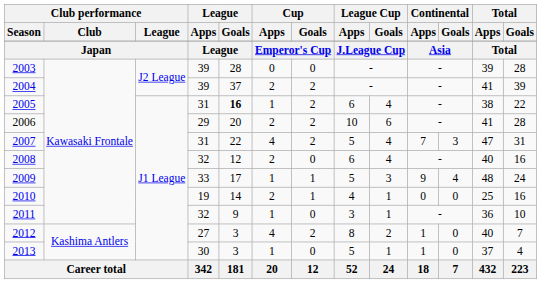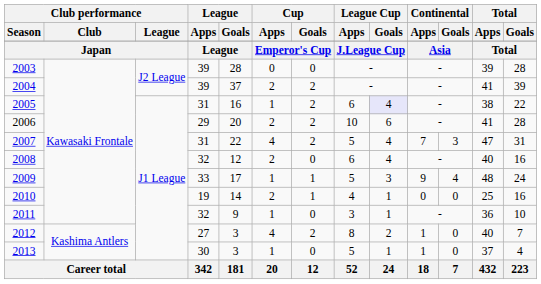 <table class="wikitable" style="text-align:center">
 <tr>
 <th colspan=3>Club performance</th>
 <th colspan=2>League</th>
 <th colspan=2>Cup</th>
 <th colspan=2>League Cup</th>
 <th colspan=2>Continental</th>
 <th colspan=2>Total</th>
 </tr>
 <tr>
 <th>Season</th>
 <th>Club</th>
 <th>League</th>
 <th>Apps</th>
 <th>Goals</th>
 <th>Apps</th>
 <th>Goals</th>
 <th>Apps</th>
 <th>Goals</th>
 <th>Apps</th>
 <th>Goals</th>
 <th>Apps</th>
 <th>Goals</th>
 </tr>
 <tr>
 </tr>
 <tr>
 <th colspan=3>Japan</th>
 <th colspan=2>League</th>
 <th colspan=2><a href='#'>Emperor's Cup</a></th>
 <th colspan=2><a href='#'>J.League Cup</a></th>
 <th colspan=2><a href='#'>Asia</a></th>
 <th colspan=2>Total</th>
 </tr>
 <tr>
 <td><a href='#'>2003</a></td>
 <td rowspan="9"><a href='#'>Kawasaki Frontale</a></td>
 <td rowspan="2"><a href='#'>J2 League</a></td>
 <td>39</td>
 <td>28</td>
 <td>0</td>
 <td>0</td>
 <td colspan="2">-</td>
 <td colspan="2">-</td>
 <td>39</td>
 <td>28</td>
 </tr>
 <tr>
 <td><a href='#'>2004</a></td>
 <td>39</td>
 <td>37</td>
 <td>2</td>
 <td>2</td>
 <td colspan="2">-</td>
 <td colspan="2">-</td>
 <td>41</td>
 <td>39</td>
 </tr>
 <tr>
 <td><a href='#'>2005</a></td>
 <td rowspan="9"><a href='#'>J1 League</a></td>
 <td>31</td>
-<td><strong>16</strong></td>
+<td>16</td>
 <td>1</td>
 <td>2</td>
 <td>6</td>
-<td>4</td>
+<td style="background: lavender;">4</td>
 <td colspan="2">-</td>
 <td>38</td>
 <td>22</td>
 </tr>
 <tr>
 <td>2006</td>
 <td>29</td>
 <td>20</td>
 <td>2</td>
 <td>2</td>
 <td>10</td>
 <td>6</td>
 <td colspan="2">-</td>
 <td>41</td>
 <td>28</td>
 </tr>
 <tr>
 <td><a href='#'>2007</a></td>
 <td>31</td>
 <td>22</td>
 <td>4</td>
 <td>2</td>
 <td>5</td>
 <td>4</td>
 <td>7</td>
 <td>3</td>
 <td>47</td>
 <td>31</td>
 </tr>
 <tr>
 <td><a href='#'>2008</a></td>
 <td>32</td>
 <td>12</td>
 <td>2</td>
 <td>0</td>
 <td>6</td>
 <td>4</td>
 <td colspan="2">-</td>
 <td>40</td>
 <td>16</td>
 </tr>
 <tr>
 <td><a href='#'>2009</a></td>
 <td>33</td>
 <td>17</td>
 <td>1</td>
 <td>1</td>
 <td>5</td>
 <td>3</td>
 <td>9</td>
 <td>4</td>
 <td>48</td>
 <td>24</td>
 </tr>
 <tr>
 <td><a href='#'>2010</a></td>
 <td>19</td>
 <td>14</td>
 <td>2</td>
 <td>1</td>
 <td>4</td>
 <td>1</td>
 <td>0</td>
 <td>0</td>
 <td>25</td>
 <td>16</td>
 </tr>
 <tr>
 <td><a href='#'>2011</a></td>
 <td>32</td>
 <td>9</td>
 <td>1</td>
 <td>0</td>
 <td>3</td>
 <td>1</td>
 <td colspan="2">-</td>
 <td>36</td>
 <td>10</td>
 </tr>
 <tr>
 <td><a href='#'>2012</a></td>
 <td rowspan="2"><a href='#'>Kashima Antlers</a></td>
 <td>27</td>
 <td>3</td>
 <td>4</td>
 <td>2</td>
 <td>8</td>
 <td>2</td>
 <td>1</td>
 <td>0</td>
 <td>40</td>
 <td>7</td>
 </tr>
 <tr>
 <td><a href='#'>2013</a></td>
 <td>30</td>
 <td>3</td>
 <td>1</td>
 <td>0</td>
 <td>5</td>
 <td>1</td>
 <td>1</td>
 <td>0</td>
 <td>37</td>
 <td>4</td>
 </tr>
 <tr>
 <th colspan=3>Career total</th>
 <th>342</th>
 <th>181</th>
 <th>20</th>
 <th>12</th>
 <th>52</th>
 <th>24</th>
 <th>18</th>
 <th>7</th>
 <th>432</th>
 <th>223</th>
 </tr>
 </table>
